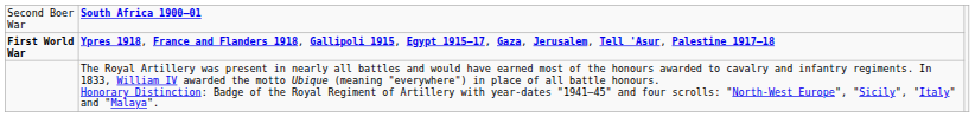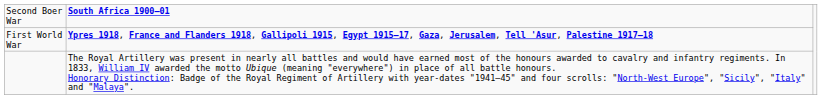 <table class="wikitable">
 <tr valign=top>
 <td>Second Boer War</td>
 <td><strong><a href='#'>South Africa 1900–01</a></strong></td>
 <td rowspan=3></td>
 </tr>
 <tr valign=top>
-<td><strong>First World War</strong></td>
+<td>First World War</td>
 <td><strong><a href='#'>Ypres 1918</a></strong>, <strong><a href='#'>France and Flanders 1918</a></strong>, <strong><a href='#'>Gallipoli 1915</a></strong>, <strong><a href='#'>Egypt 1915–17</a></strong>, <strong><a href='#'>Gaza</a></strong>, <strong><a href='#'>Jerusalem</a></strong>, <strong><a href='#'>Tell 'Asur</a></strong>, <strong><a href='#'>Palestine 1917–18</a></strong></td>
 </tr>
 <tr valign=top>
 <td></td>
 <td>The Royal Artillery was present in nearly all battles and would have earned most of the honours awarded to cavalry and infantry regiments. In 1833, <a href='#'>William IV</a> awarded the motto <em>Ubique</em> (meaning "everywhere") in place of all battle honours.<br><a href='#'>Honorary Distinction</a>: Badge of the Royal Regiment of Artillery with year-dates "1941–45" and four scrolls: "<a href='#'>North-West Europe</a>", "<a href='#'>Sicily</a>", "<a href='#'>Italy</a>" and "<a href='#'>Malaya</a>".</td>
 </tr>
 </table>
